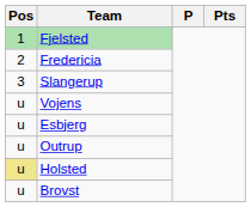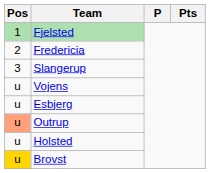 <table class="wikitable" style="font-size: 100%">
 <tr>
 <th width=20>Pos</th>
 <th width=150>Team</th>
 <th width=30>P</th>
 <th width=40>Pts</th>
 </tr>
 <tr align=center style="background:#ACE1AF;">
 <td>1</td>
 <td align="left"><a href='#'>Fjelsted</a></td>
 </tr>
 <tr align=center>
 <td>2</td>
 <td align="left"><a href='#'>Fredericia</a></td>
 </tr>
 <tr align=center>
 <td>3</td>
 <td align="left"><a href='#'>Slangerup</a></td>
 </tr>
 <tr align=center>
 <td>u</td>
 <td align="left"><a href='#'>Vojens</a></td>
 </tr>
 <tr align=center>
 <td>u</td>
 <td align="left"><a href='#'>Esbjerg</a></td>
 </tr>
 <tr align=center>
-<td>u</td>
+<td style="background: lightsalmon;">u</td>
 <td align="left"><a href='#'>Outrup</a></td>
 </tr>
 <tr align=center>
-<td style="background: khaki;">u</td>
+<td>u</td>
 <td align="left"><a href='#'>Holsted</a></td>
 </tr>
 <tr align=center>
-<td>u</td>
+<td style="background: gold;">u</td>
 <td align="left"><a href='#'>Brovst</a></td>
 </tr>
 </table>
